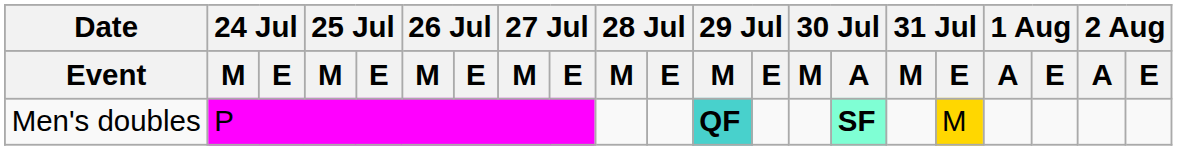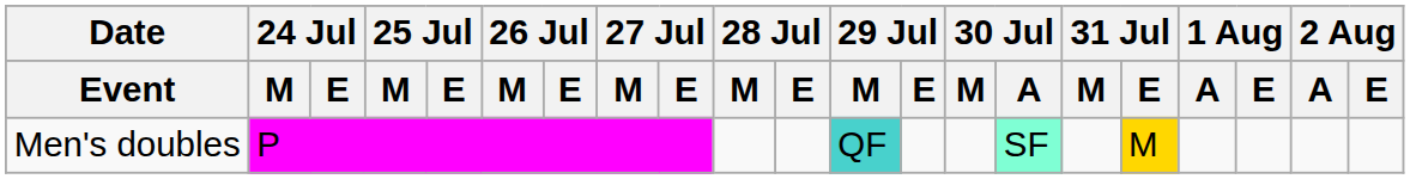 <table class="wikitable olympic-schedule Badminton">
 <tr>
 <th>Date</th>
 <th colspan="2">24 Jul</th>
 <th colspan="2">25 Jul</th>
 <th colspan="2">26 Jul</th>
 <th colspan="2">27 Jul</th>
 <th colspan="2">28 Jul</th>
 <th colspan="2">29 Jul</th>
 <th colspan="2">30 Jul</th>
 <th colspan="2">31 Jul</th>
 <th colspan="2">1 Aug</th>
 <th colspan="2">2 Aug</th>
 </tr>
 <tr>
 <th>Event</th>
 <th>M</th>
 <th>E</th>
 <th>M</th>
 <th>E</th>
 <th>M</th>
 <th>E</th>
 <th>M</th>
 <th>E</th>
 <th>M</th>
 <th>E</th>
 <th>M</th>
 <th>E</th>
 <th>M</th>
 <th>A</th>
 <th>M</th>
 <th>E</th>
 <th>A</th>
 <th>E</th>
 <th>A</th>
 <th>E</th>
 </tr>
 <tr>
 <td class="event">Men's doubles</td>
 <td colspan=8 bgcolor="#FF00FF" class="prelims">P</td>
 <td></td>
 <td></td>
-<td bgcolor="#48D1CC" class="quarterfinals"><strong>QF</strong></td>
+<td bgcolor="#48D1CC" class="quarterfinals">QF</td>
 <td></td>
 <td></td>
-<td bgcolor="#7FFFD4" class="semifinals"><strong>SF</strong></td>
+<td bgcolor="#7FFFD4" class="semifinals">SF</td>
 <td></td>
 <td bgcolor="gold" class="finals">M</td>
 <td></td>
 <td></td>
 <td></td>
 <td></td>
 </tr>
 </table>
